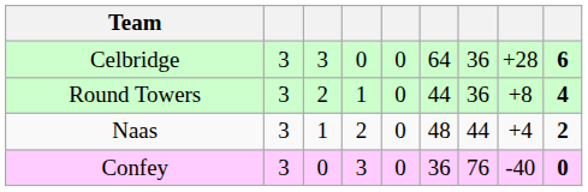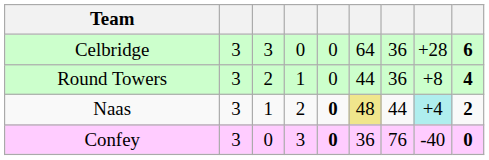 <table class="wikitable" style="text-align:center">
 <tr>
 <th style="width:175px;">Team</th>
 <th width="20"></th>
 <th width="20"></th>
 <th width="20"></th>
 <th width="20"></th>
 <th width="20"></th>
 <th width="20"></th>
 <th width="20"></th>
 <th width="20"></th>
 </tr>
 <tr style="background:#cfc;">
 <td>Celbridge</td>
 <td>3</td>
 <td>3</td>
 <td>0</td>
 <td>0</td>
 <td>64</td>
 <td>36</td>
 <td>+28</td>
 <td><strong>6</strong></td>
 </tr>
 <tr style="background:#cfc;">
 <td>Round Towers</td>
 <td>3</td>
 <td>2</td>
 <td>1</td>
 <td>0</td>
 <td>44</td>
 <td>36</td>
 <td>+8</td>
 <td><strong>4</strong></td>
 </tr>
 <tr>
 <td>Naas</td>
 <td>3</td>
 <td>1</td>
 <td>2</td>
-<td>0</td>
-<td>48</td>
+<td><strong>0</strong></td>
+<td style="background: khaki;">48</td>
 <td>44</td>
-<td>+4</td>
+<td style="background: paleturquoise;">+4</td>
 <td><strong>2</strong></td>
 </tr>
 <tr style="background:#fcf;">
 <td>Confey</td>
 <td>3</td>
 <td>0</td>
 <td>3</td>
-<td>0</td>
+<td><strong>0</strong></td>
 <td>36</td>
 <td>76</td>
 <td>-40</td>
 <td><strong>0</strong></td>
 </tr>
 </table>
